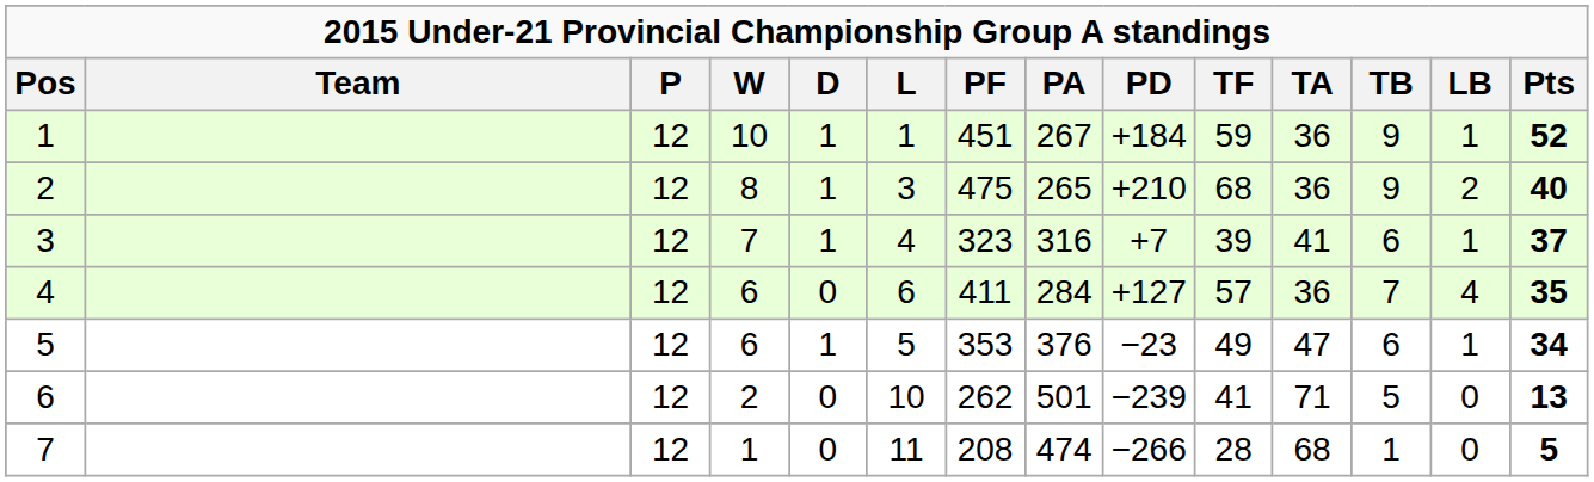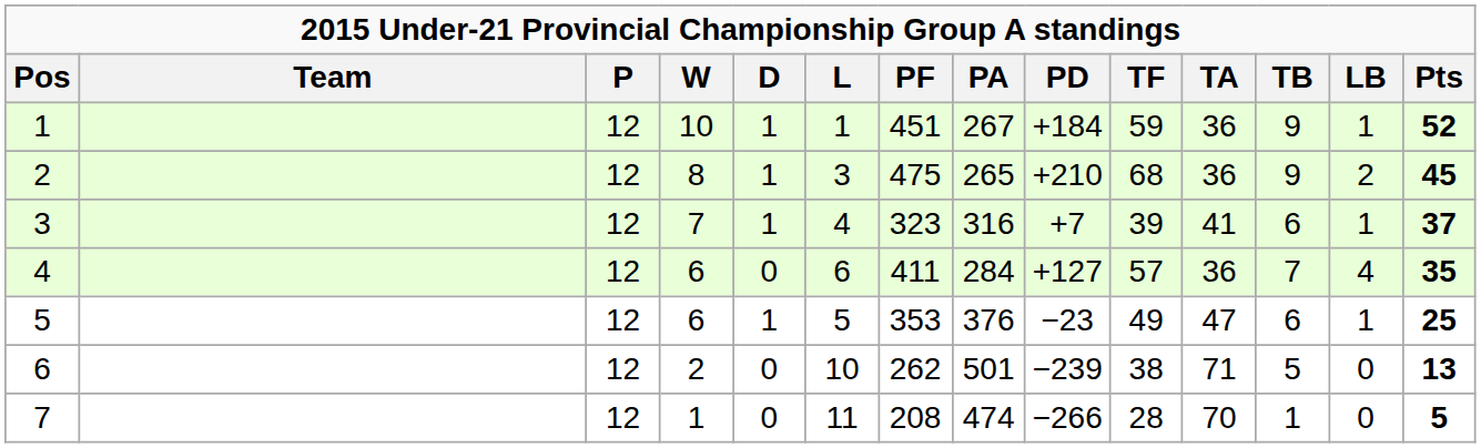 <table class="wikitable" style="text-align:center; line-height:110%; font-size:100%; width:60%;">
 <tr>
 <td colspan="14" cellpadding="0" cellspacing="0"><strong>2015 Under-21 Provincial Championship Group A standings</strong></td>
 </tr>
 <tr>
 <th style="width:5%;">Pos</th>
 <th style="width:35%;">Team</th>
 <th style="width:5%;">P</th>
 <th style="width:5%;">W</th>
 <th style="width:5%;">D</th>
 <th style="width:5%;">L</th>
 <th style="width:5%;">PF</th>
 <th style="width:5%;">PA</th>
 <th style="width:5%;">PD</th>
 <th style="width:5%;">TF</th>
 <th style="width:5%;">TA</th>
 <th style="width:5%;">TB</th>
 <th style="width:5%;">LB</th>
 <th style="width:5%;">Pts<br></th>
 </tr>
 <tr style="background:#E8FFD8;">
 <td>1</td>
 <td align=left></td>
 <td>12</td>
 <td>10</td>
 <td>1</td>
 <td>1</td>
 <td>451</td>
 <td>267</td>
 <td>+184</td>
 <td>59</td>
 <td>36</td>
 <td>9</td>
 <td>1</td>
 <td><strong>52</strong></td>
 </tr>
 <tr style="background:#E8FFD8;">
 <td>2</td>
 <td align=left></td>
 <td>12</td>
 <td>8</td>
 <td>1</td>
 <td>3</td>
 <td>475</td>
 <td>265</td>
 <td>+210</td>
 <td>68</td>
 <td>36</td>
 <td>9</td>
 <td>2</td>
-<td><strong>40</strong></td>
+<td><strong>45</strong></td>
 </tr>
 <tr style="background:#E8FFD8;">
 <td>3</td>
 <td align=left></td>
 <td>12</td>
 <td>7</td>
 <td>1</td>
 <td>4</td>
 <td>323</td>
 <td>316</td>
 <td>+7</td>
 <td>39</td>
 <td>41</td>
 <td>6</td>
 <td>1</td>
 <td><strong>37</strong></td>
 </tr>
 <tr style="background:#E8FFD8;">
 <td>4</td>
 <td align=left></td>
 <td>12</td>
 <td>6</td>
 <td>0</td>
 <td>6</td>
 <td>411</td>
 <td>284</td>
 <td>+127</td>
 <td>57</td>
 <td>36</td>
 <td>7</td>
 <td>4</td>
 <td><strong>35</strong></td>
 </tr>
 <tr style="background:#FFFFFF;">
 <td>5</td>
 <td align=left></td>
 <td>12</td>
 <td>6</td>
 <td>1</td>
 <td>5</td>
 <td>353</td>
 <td>376</td>
 <td>−23</td>
 <td>49</td>
 <td>47</td>
 <td>6</td>
 <td>1</td>
-<td><strong>34</strong></td>
+<td><strong>25</strong></td>
 </tr>
 <tr style="background:#FFFFFF;">
 <td>6</td>
 <td align=left></td>
 <td>12</td>
 <td>2</td>
 <td>0</td>
 <td>10</td>
 <td>262</td>
 <td>501</td>
 <td>−239</td>
-<td>41</td>
+<td>38</td>
 <td>71</td>
 <td>5</td>
 <td>0</td>
 <td><strong>13</strong></td>
 </tr>
 <tr style="background:#FFFFFF;">
 <td>7</td>
 <td align=left></td>
 <td>12</td>
 <td>1</td>
 <td>0</td>
 <td>11</td>
 <td>208</td>
 <td>474</td>
 <td>−266</td>
 <td>28</td>
-<td>68</td>
+<td>70</td>
 <td>1</td>
 <td>0</td>
 <td><strong>5</strong></td>
 </tr>
 </table>
